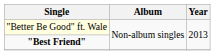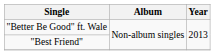 <table class="wikitable">
 <tr>
 <th scope="col">Single</th>
 <th scope="col">Album</th>
 <th scope="col">Year</th>
 </tr>
 <tr>
-<td align="center" style="background: lightyellow;">"Better Be Good" ft. Wale</td>
+<td align="center">"Better Be Good" ft. Wale</td>
 <td rowspan="2">Non-album singles</td>
 <td rowspan="2">2013</td>
 </tr>
 <tr>
-<td align="center"><strong>"Best Friend"</strong></td>
+<td align="center">"Best Friend"</td>
 </tr>
 <tr>
 </tr>
 </table>
